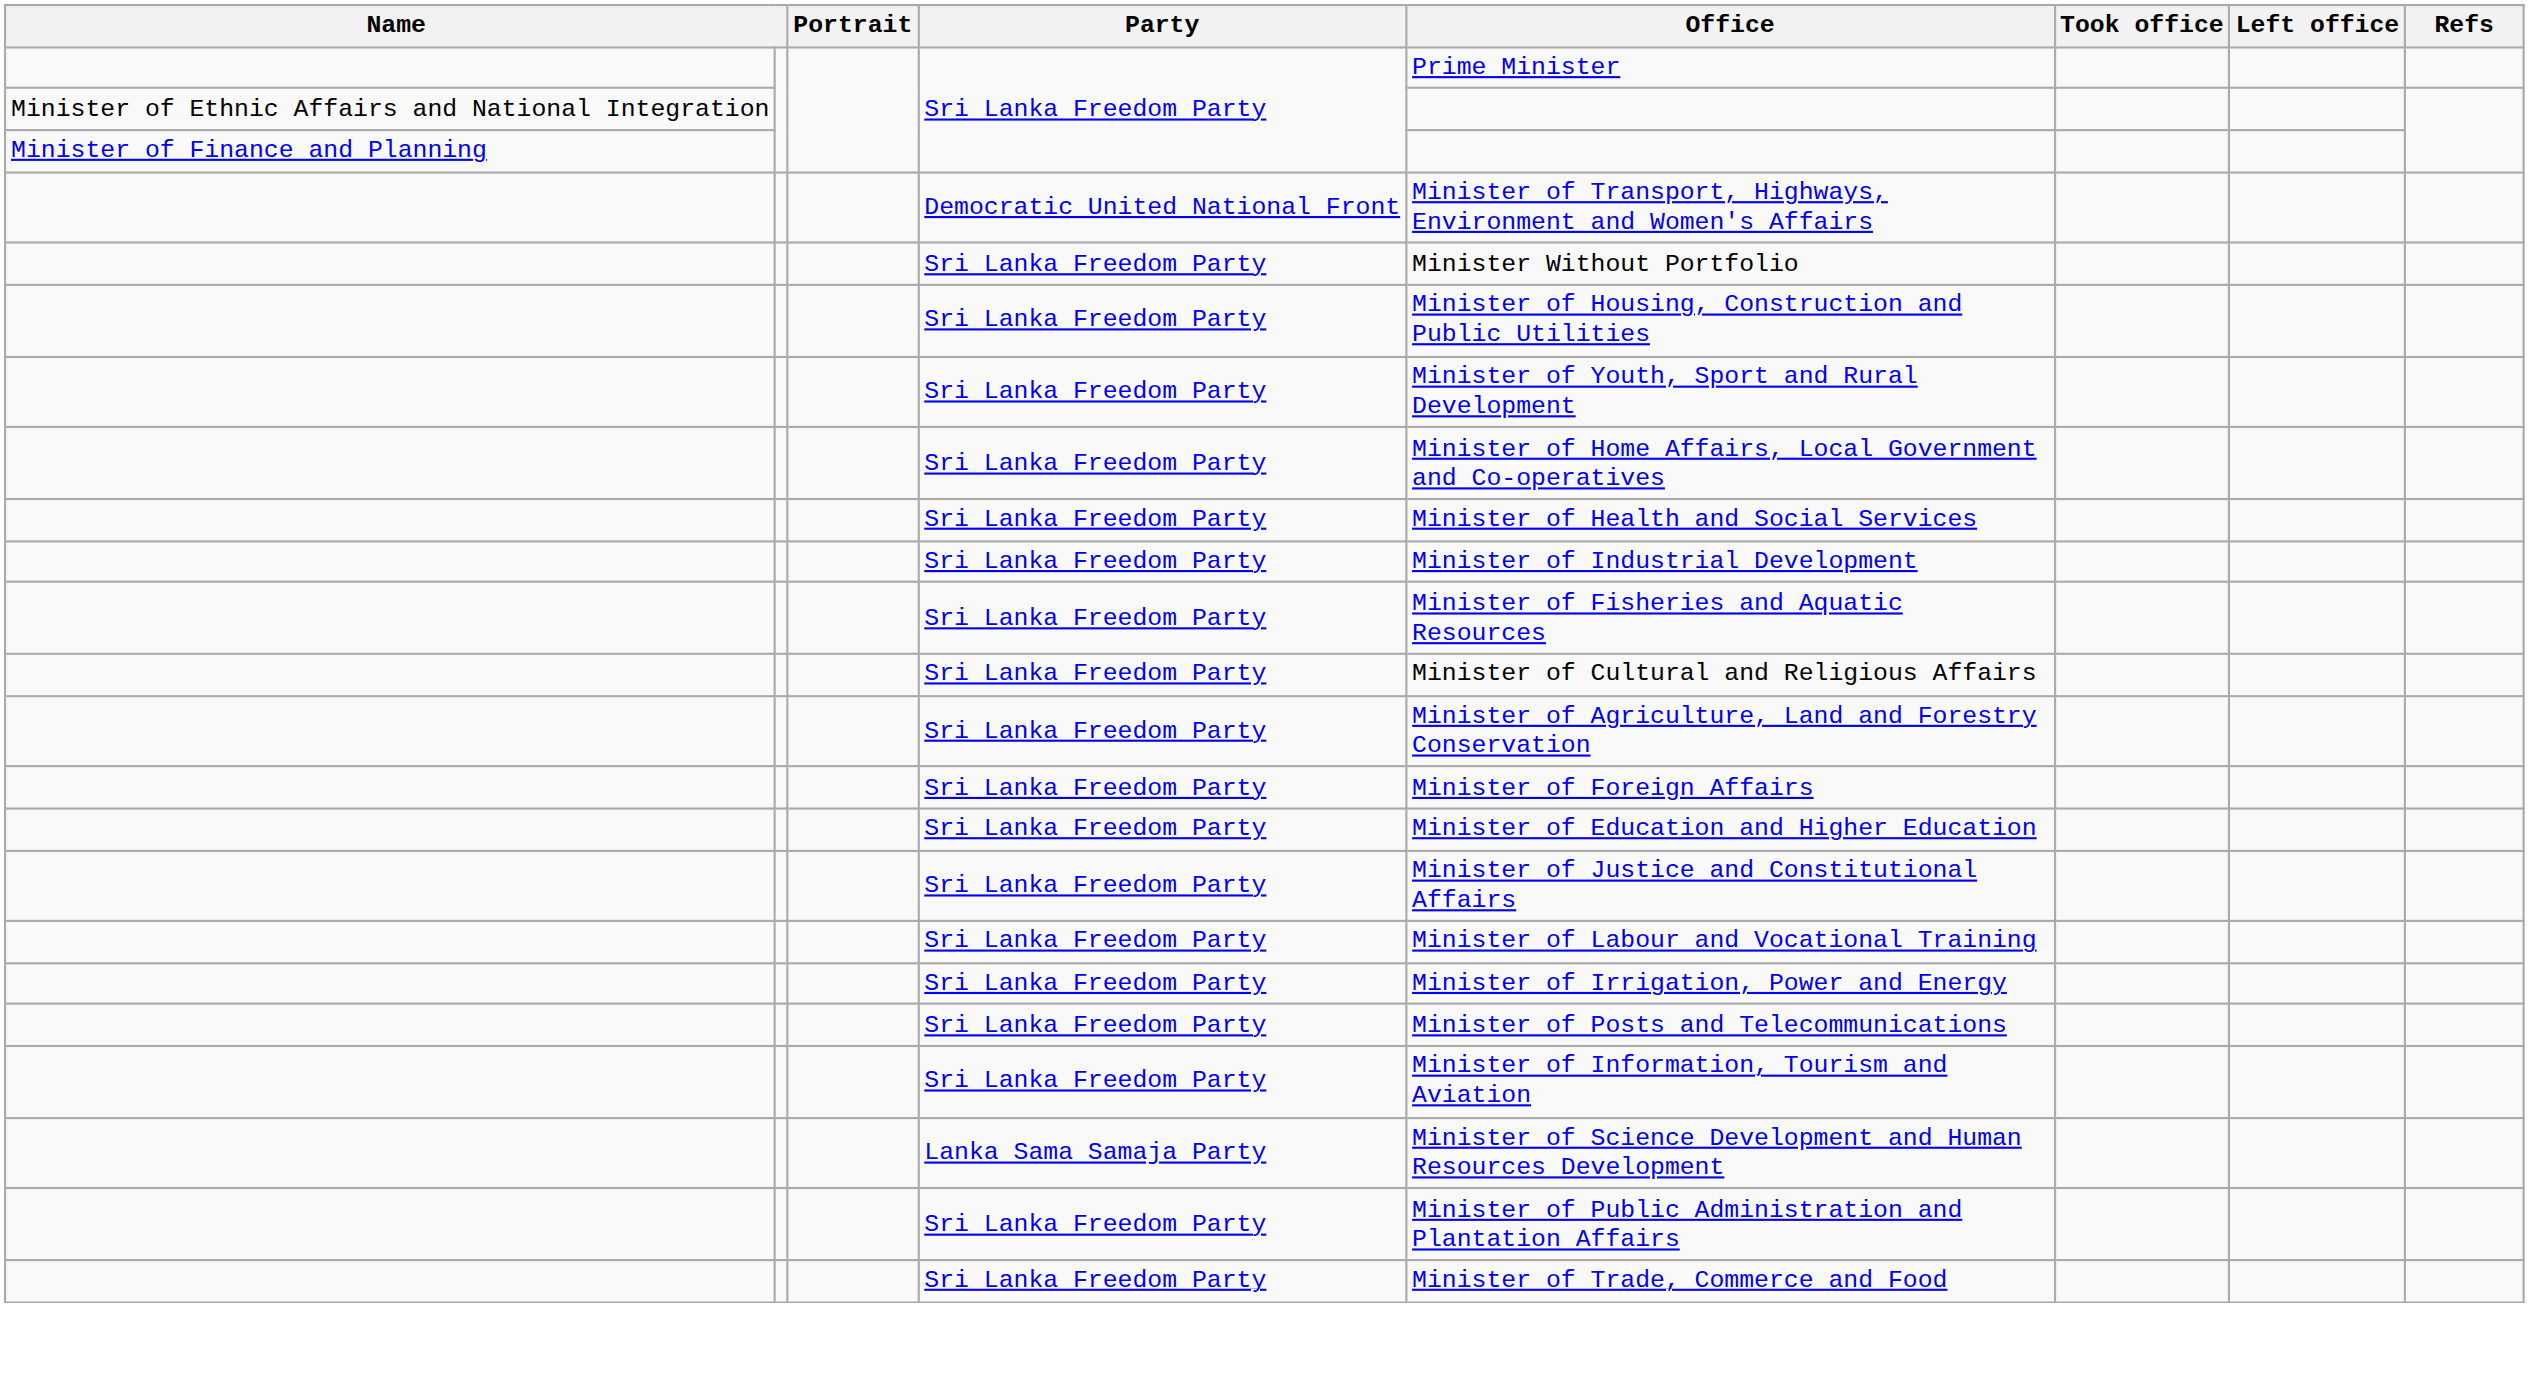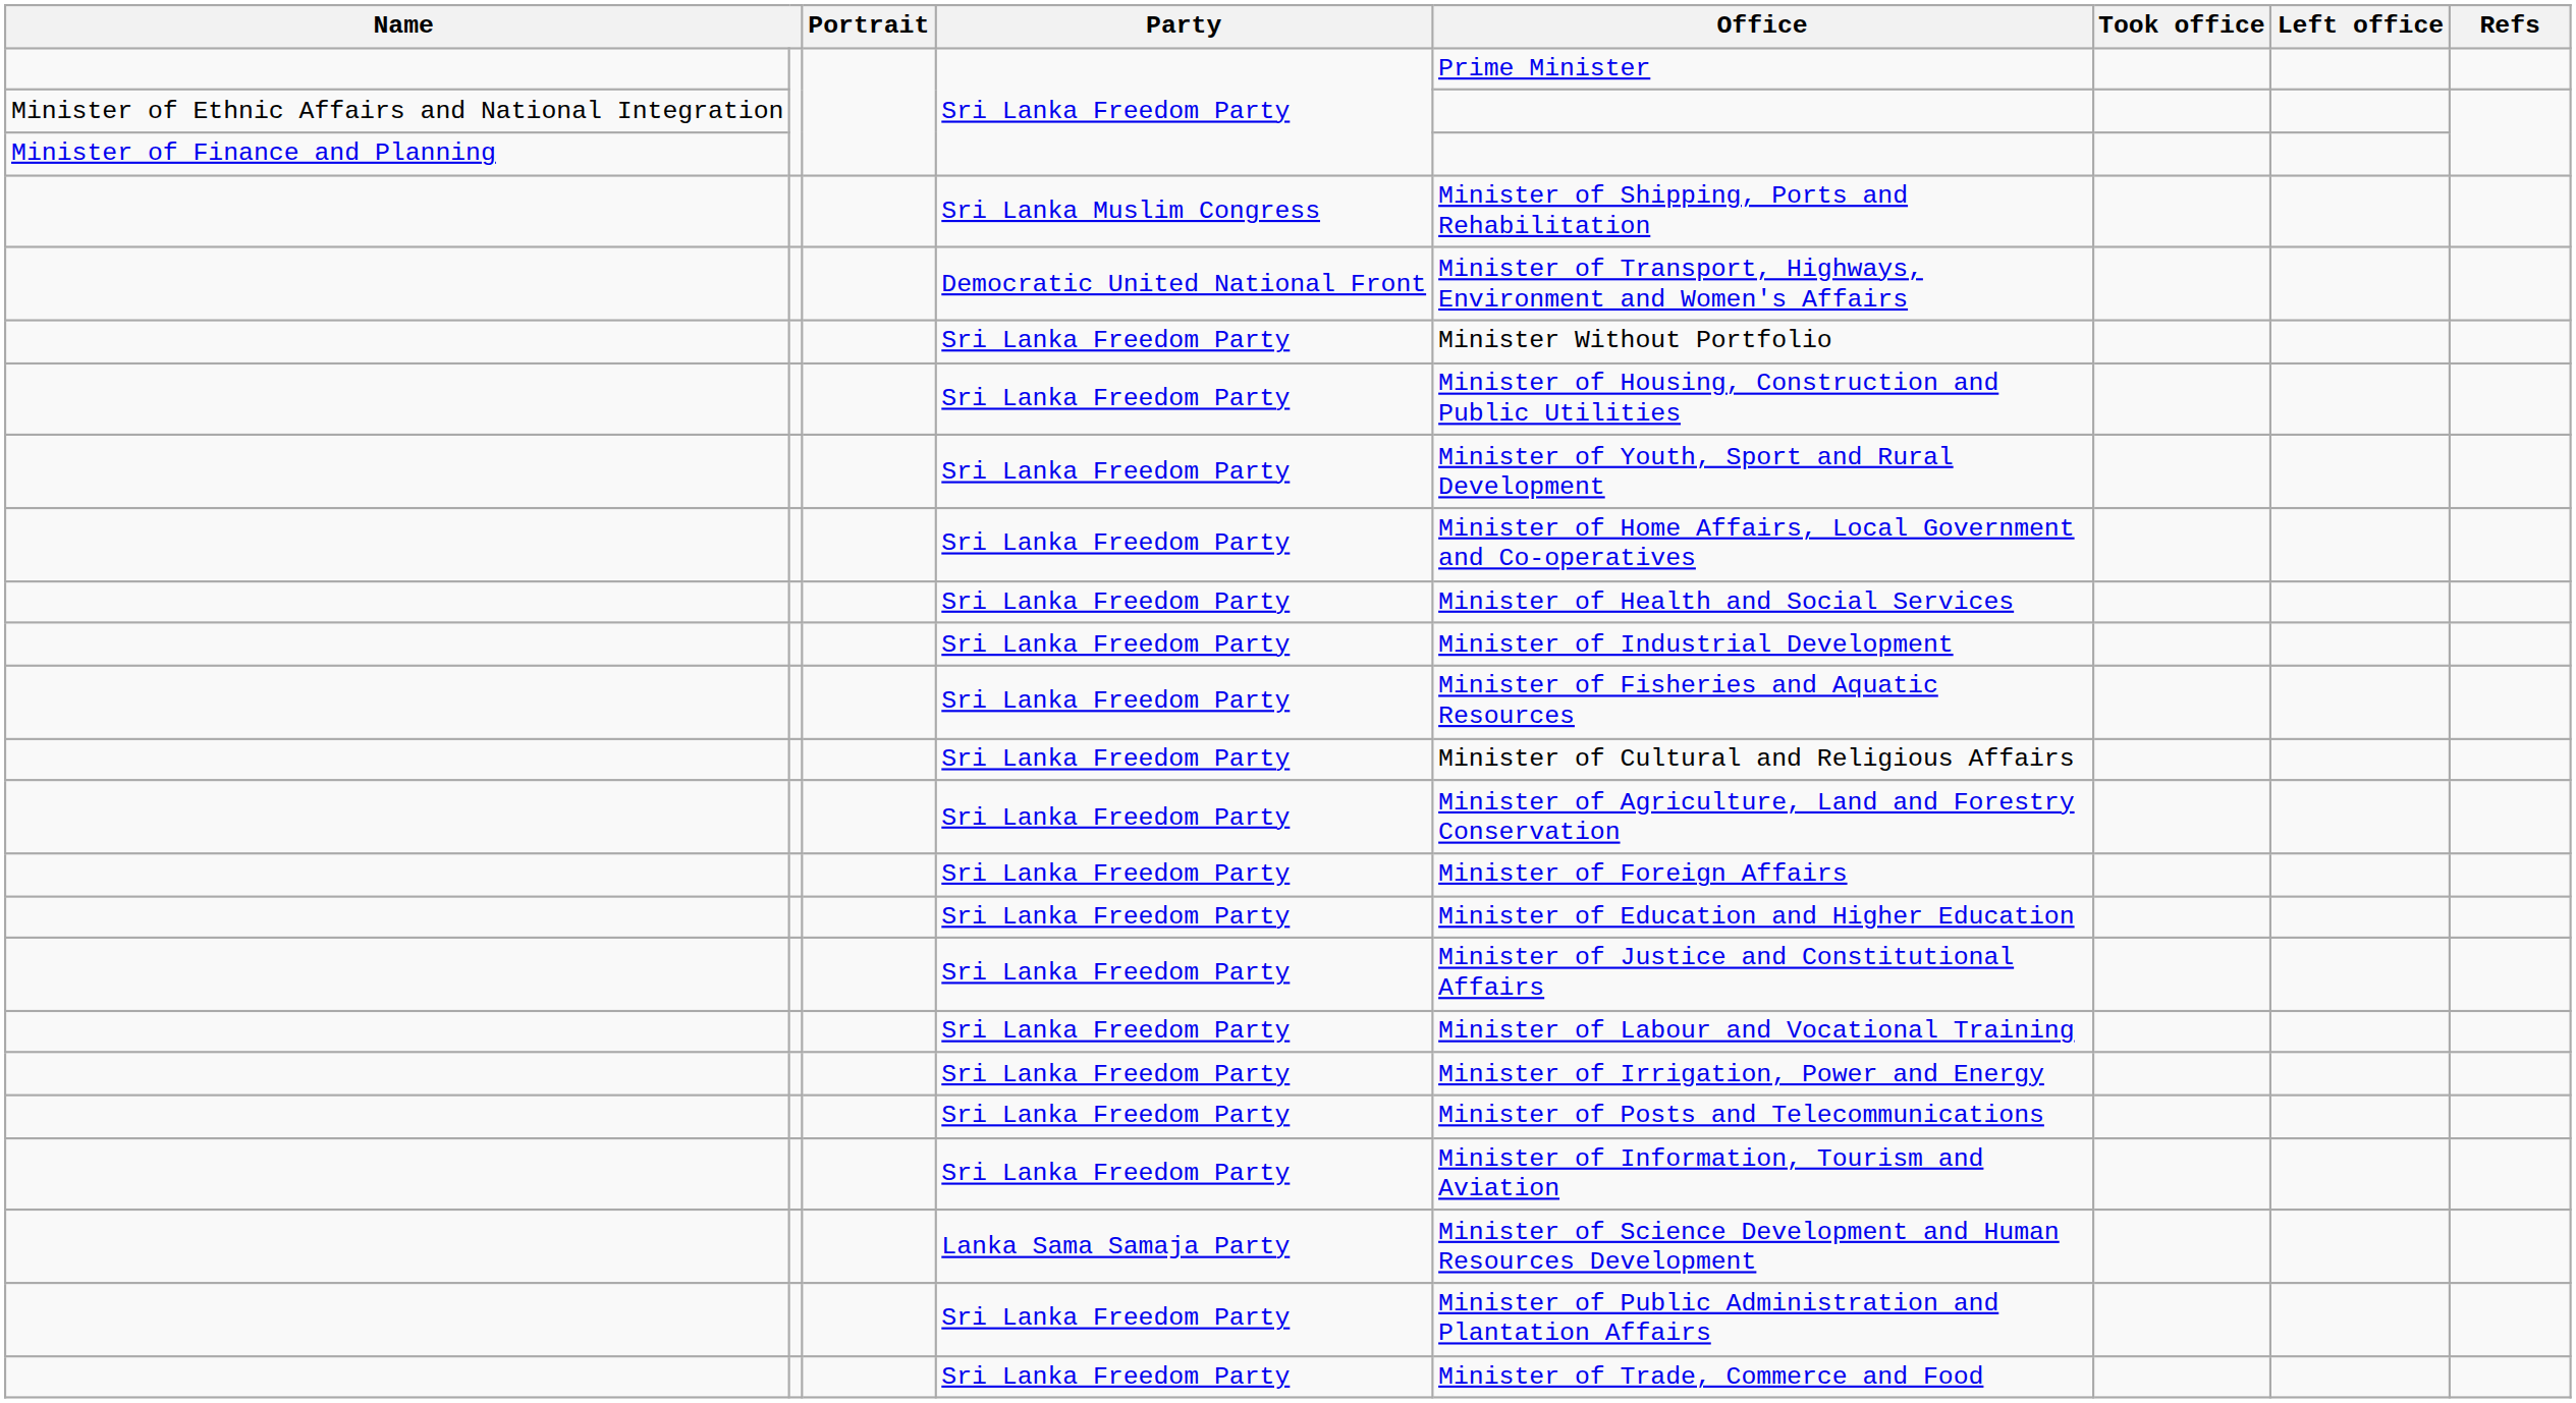 <table class="wikitable plainrowheaders sortable" style="font-size:90%; text-align:left;">
 <tr>
 <th scope=col colspan="2">Name</th>
 <th scope=col class=unsortable>Portrait</th>
 <th scope=col>Party</th>
 <th scope=col width=300px>Office</th>
 <th scope=col>Took office</th>
 <th scope=col>Left office</th>
 <th scope=col width=50px class=unsortable>Refs</th>
 </tr>
 <tr>
 <td !align="center" style="background:"></td>
 <td rowspan=3></td>
 <td align=center rowspan=3></td>
 <td rowspan=3><a href='#'>Sri Lanka Freedom Party</a></td>
 <td><a href='#'>Prime Minister</a></td>
 <td align=center></td>
 <td align=center></td>
 <td align=center></td>
 </tr>
 <tr>
 <td>Minister of Ethnic Affairs and National Integration</td>
 <td align=center></td>
 <td align=center></td>
 <td align=center></td>
 </tr>
 <tr>
 <td><a href='#'>Minister of Finance and Planning</a></td>
+<td align=center></td>
+<td align=center></td>
+<td align=center></td>
+</tr>
+<tr>
+<td !align="center" style="background:"></td>
+<td></td>
+<td align=center></td>
+<td><a href='#'>Sri Lanka Muslim Congress</a></td>
+<td><a href='#'>Minister of Shipping, Ports and Rehabilitation</a></td>
 <td align=center></td>
 <td align=center></td>
 <td align=center></td>
 </tr>
 <tr>
 <td !align="center" style="background:"></td>
 <td></td>
 <td align=center></td>
 <td><a href='#'>Democratic United National Front</a></td>
 <td><a href='#'>Minister of Transport, Highways, Environment and Women's Affairs</a></td>
 <td align=center></td>
 <td align=center></td>
 <td align=center></td>
 </tr>
 <tr>
 <td !align="center" style="background:"></td>
 <td></td>
 <td align=center></td>
 <td><a href='#'>Sri Lanka Freedom Party</a></td>
 <td>Minister Without Portfolio</td>
 <td align=center></td>
 <td align=center></td>
 <td align=center></td>
 </tr>
 <tr>
 <td !align="center" style="background:"></td>
 <td></td>
 <td align=center></td>
 <td><a href='#'>Sri Lanka Freedom Party</a></td>
 <td><a href='#'>Minister of Housing, Construction and Public Utilities</a></td>
 <td align=center></td>
 <td align=center></td>
 <td align=center></td>
 </tr>
 <tr>
 <td !align="center" style="background:"></td>
 <td></td>
 <td align=center></td>
 <td><a href='#'>Sri Lanka Freedom Party</a></td>
 <td><a href='#'>Minister of Youth, Sport and Rural Development</a></td>
 <td align=center></td>
 <td align=center></td>
 <td align=center></td>
 </tr>
 <tr>
 <td !align="center" style="background:"></td>
 <td></td>
 <td align=center></td>
 <td><a href='#'>Sri Lanka Freedom Party</a></td>
 <td><a href='#'>Minister of Home Affairs, Local Government and Co-operatives</a></td>
 <td align=center></td>
 <td align=center></td>
 <td align=center></td>
 </tr>
 <tr>
 <td !align="center" style="background:"></td>
 <td></td>
 <td align=center></td>
 <td><a href='#'>Sri Lanka Freedom Party</a></td>
 <td><a href='#'>Minister of Health and Social Services</a></td>
 <td align=center></td>
 <td align=center></td>
 <td align=center></td>
 </tr>
 <tr>
 <td !align="center" style="background:"></td>
 <td></td>
 <td align=center></td>
 <td><a href='#'>Sri Lanka Freedom Party</a></td>
 <td><a href='#'>Minister of Industrial Development</a></td>
 <td align=center></td>
 <td align=center></td>
 <td align=center></td>
 </tr>
 <tr>
 <td !align="center" style="background:"></td>
 <td></td>
 <td align=center></td>
 <td><a href='#'>Sri Lanka Freedom Party</a></td>
 <td><a href='#'>Minister of Fisheries and Aquatic Resources</a></td>
 <td align=center></td>
 <td align=center></td>
 <td align=center></td>
 </tr>
 <tr>
 <td !align="center" style="background:"></td>
 <td></td>
 <td align=center></td>
 <td><a href='#'>Sri Lanka Freedom Party</a></td>
 <td>Minister of Cultural and Religious Affairs</td>
 <td align=center></td>
 <td align=center></td>
 <td align=center></td>
 </tr>
 <tr>
 <td !align="center" style="background:"></td>
 <td></td>
 <td align=center></td>
 <td><a href='#'>Sri Lanka Freedom Party</a></td>
 <td><a href='#'>Minister of Agriculture, Land and Forestry Conservation</a></td>
 <td align=center></td>
 <td align=center></td>
 <td align=center></td>
 </tr>
 <tr>
 <td !align="center" style="background:"></td>
 <td></td>
 <td align=center></td>
 <td><a href='#'>Sri Lanka Freedom Party</a></td>
 <td><a href='#'>Minister of Foreign Affairs</a></td>
 <td align=center></td>
 <td align=center></td>
 <td align=center></td>
 </tr>
 <tr>
 <td !align="center" style="background:"></td>
 <td></td>
 <td align=center></td>
 <td><a href='#'>Sri Lanka Freedom Party</a></td>
 <td><a href='#'>Minister of Education and Higher Education</a></td>
 <td align=center></td>
 <td align=center></td>
 <td align=center></td>
 </tr>
 <tr>
 <td !align="center" style="background:"></td>
 <td></td>
 <td align=center></td>
 <td><a href='#'>Sri Lanka Freedom Party</a></td>
 <td><a href='#'>Minister of Justice and Constitutional Affairs</a></td>
 <td align=center></td>
 <td align=center></td>
 <td align=center></td>
 </tr>
 <tr>
 <td !align="center" style="background:"></td>
 <td></td>
 <td align=center></td>
 <td><a href='#'>Sri Lanka Freedom Party</a></td>
 <td><a href='#'>Minister of Labour and Vocational Training</a></td>
 <td align=center></td>
 <td align=center></td>
 <td align=center></td>
 </tr>
 <tr>
 <td !align="center" style="background:"></td>
 <td></td>
 <td align=center></td>
 <td><a href='#'>Sri Lanka Freedom Party</a></td>
 <td><a href='#'>Minister of Irrigation, Power and Energy</a></td>
 <td align=center></td>
 <td align=center></td>
 <td align=center></td>
 </tr>
 <tr>
 <td !align="center" style="background:"></td>
 <td></td>
 <td align=center></td>
 <td><a href='#'>Sri Lanka Freedom Party</a></td>
 <td><a href='#'>Minister of Posts and Telecommunications</a></td>
 <td align=center></td>
 <td align=center></td>
 <td align=center></td>
 </tr>
 <tr>
 <td !align="center" style="background:"></td>
 <td></td>
 <td align=center></td>
 <td><a href='#'>Sri Lanka Freedom Party</a></td>
 <td><a href='#'>Minister of Information, Tourism and Aviation</a></td>
 <td align=center></td>
 <td align=center></td>
 <td align=center></td>
 </tr>
 <tr>
 <td !align="center" style="background:"></td>
 <td></td>
 <td align=center></td>
 <td><a href='#'>Lanka Sama Samaja Party</a></td>
 <td><a href='#'>Minister of Science Development and Human Resources Development</a></td>
 <td align=center></td>
 <td align=center></td>
 <td align=center></td>
 </tr>
 <tr>
 <td !align="center" style="background:"></td>
 <td></td>
 <td align=center></td>
 <td><a href='#'>Sri Lanka Freedom Party</a></td>
 <td><a href='#'>Minister of Public Administration and Plantation Affairs</a></td>
 <td align=center></td>
 <td align=center></td>
 <td align=center></td>
 </tr>
 <tr>
 <td !align="center" style="background:"></td>
 <td></td>
 <td align=center></td>
 <td><a href='#'>Sri Lanka Freedom Party</a></td>
 <td><a href='#'>Minister of Trade, Commerce and Food</a></td>
 <td align=center></td>
 <td align=center></td>
 <td align=center></td>
 </tr>
 </table>
